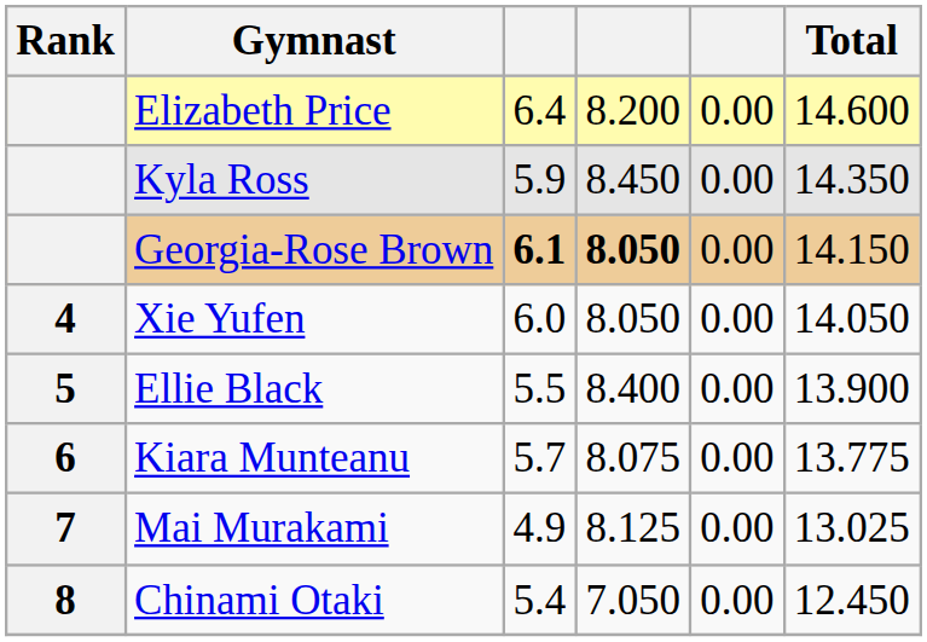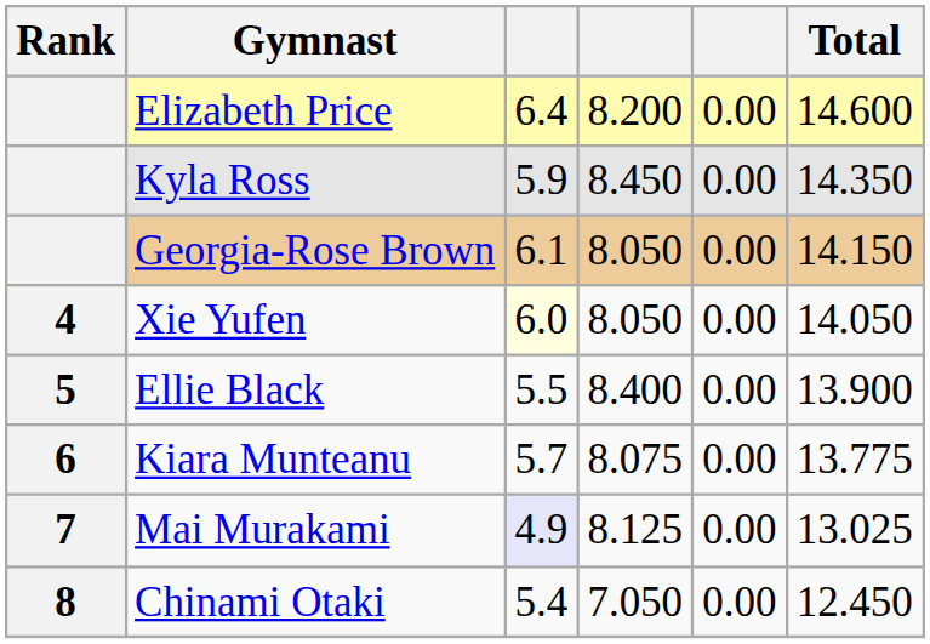 <table class="wikitable sortable" style="text-align:center; font-size:95%">
 <tr>
 <th scope=col>Rank</th>
 <th scope=col>Gymnast</th>
 <th scope=col></th>
 <th scope=col></th>
 <th scope=col></th>
 <th scope=col>Total</th>
 </tr>
 <tr bgcolor=fffcaf>
 <th scope=row style="text-align:center"></th>
 <td align=left><a href='#'>Elizabeth Price</a><br></td>
 <td>6.4</td>
 <td>8.200</td>
 <td>0.00</td>
 <td>14.600</td>
 </tr>
 <tr bgcolor=e5e5e5>
 <th scope=row style="text-align:center"></th>
 <td align=left><a href='#'>Kyla Ross</a><br></td>
 <td>5.9</td>
 <td>8.450</td>
 <td>0.00</td>
 <td>14.350</td>
 </tr>
 <tr bgcolor=eecc99>
 <th scope=row style="text-align:center"></th>
 <td align=left><a href='#'>Georgia-Rose Brown</a><br></td>
-<td><strong>6.1</strong></td>
-<td><strong>8.050</strong></td>
+<td>6.1</td>
+<td>8.050</td>
 <td>0.00</td>
 <td>14.150</td>
 </tr>
 <tr>
 <th scope=row style="text-align:center">4</th>
 <td align=left><a href='#'>Xie Yufen</a><br></td>
-<td>6.0</td>
+<td style="background: lightyellow;">6.0</td>
 <td>8.050</td>
 <td>0.00</td>
 <td>14.050</td>
 </tr>
 <tr>
 <th scope=row style="text-align:center">5</th>
 <td align=left><a href='#'>Ellie Black</a><br></td>
 <td>5.5</td>
 <td>8.400</td>
 <td>0.00</td>
 <td>13.900</td>
 </tr>
 <tr>
 <th scope=row style="text-align:center">6</th>
 <td align=left><a href='#'>Kiara Munteanu</a><br></td>
 <td>5.7</td>
 <td>8.075</td>
 <td>0.00</td>
 <td>13.775</td>
 </tr>
 <tr>
 <th scope=row style="text-align:center">7</th>
 <td align=left><a href='#'>Mai Murakami</a><br></td>
-<td>4.9</td>
+<td style="background: lavender;">4.9</td>
 <td>8.125</td>
 <td>0.00</td>
 <td>13.025</td>
 </tr>
 <tr>
 <th scope=row style="text-align:center">8</th>
 <td align=left><a href='#'>Chinami Otaki</a><br></td>
 <td>5.4</td>
 <td>7.050</td>
 <td>0.00</td>
 <td>12.450</td>
 </tr>
 <tr>
 </tr>
 </table>
